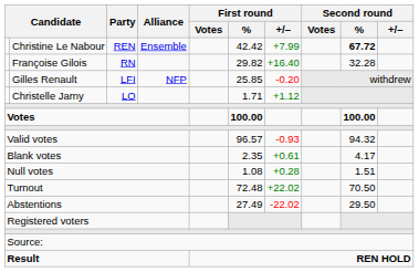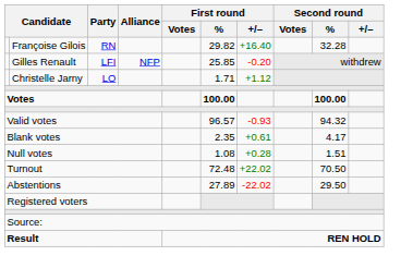 <table class="wikitable" style="text-align:right;font-size:95%;">
 <tr>
 <th rowspan="2" colspan="2">Candidate</th>
 <th colspan="1" rowspan="2">Party</th>
 <th colspan="1" rowspan="2">Alliance</th>
 <th colspan="3">First round</th>
 <th colspan="3">Second round</th>
 </tr>
 <tr>
 <th style="width:50px;">Votes</th>
 <th style="width:45px;">%</th>
 <th style="width:45px;">+/–</th>
 <th style="width:50px;">Votes</th>
 <th style="width:45px;">%</th>
 <th style="width:45px;">+/–</th>
-</tr>
-<tr>
-<td style="color:inherit;background:"></td>
-<td style="text-align:left;">Christine Le Nabour</td>
-<td><a href='#'>REN</a></td>
-<td><a href='#'>Ensemble</a></td>
-<td></td>
-<td>42.42</td>
-<td style="color:green;">+7.99</td>
-<td><strong></strong></td>
-<td><strong>67.72</strong></td>
-<td style="color:grey;"></td>
 </tr>
 <tr>
 <td style="color:inherit;background:"></td>
 <td style="text-align:left;">Françoise Gilois</td>
 <td><a href='#'>RN</a></td>
 <td></td>
 <td></td>
 <td>29.82</td>
 <td style="color:green;">+16.40</td>
 <td></td>
 <td>32.28</td>
 <td style="color:grey;"></td>
 </tr>
 <tr>
 <td style="color:inherit;background:"></td>
 <td style="text-align:left;">Gilles Renault</td>
 <td><a href='#'>LFI</a></td>
 <td><a href='#'>NFP</a></td>
 <td></td>
 <td>25.85</td>
 <td style="color:red;">-0.20</td>
 <td colspan="3" style="background:#E9E9E9;">withdrew</td>
 </tr>
 <tr>
 <td style="color:inherit;background:"></td>
 <td style="text-align:left;">Christelle Jarny</td>
 <td><a href='#'>LO</a></td>
 <td></td>
 <td></td>
 <td>1.71</td>
 <td style="color:green;">+1.12</td>
 <td colspan="3" style="background:#E9E9E9;"></td>
 </tr>
 <tr>
 <td colspan="10" style="background:#E9E9E9;"></td>
 </tr>
 <tr style="font-weight:bold;">
 <td colspan="4" style="text-align:left;">Votes</td>
 <td></td>
 <td>100.00</td>
 <td></td>
 <td></td>
 <td>100.00</td>
 <td></td>
 </tr>
 <tr>
 <td colspan="10" style="background:#E9E9E9;"></td>
 </tr>
 <tr>
 <td colspan="4" style="text-align:left;">Valid votes</td>
 <td></td>
 <td>96.57</td>
 <td style="color:red;">-0.93</td>
 <td></td>
 <td>94.32</td>
 <td style="color:grey;"></td>
 </tr>
 <tr>
 <td colspan="4" style="text-align:left;">Blank votes</td>
 <td></td>
 <td>2.35</td>
 <td style="color:green;">+0.61</td>
 <td></td>
 <td>4.17</td>
 <td style="color:grey;"></td>
 </tr>
 <tr>
 <td colspan="4" style="text-align:left;">Null votes</td>
 <td></td>
 <td>1.08</td>
 <td style="color:green;">+0.28</td>
 <td></td>
 <td>1.51</td>
 <td style="color:grey;"></td>
 </tr>
 <tr>
 <td colspan="4" style="text-align:left;">Turnout</td>
 <td></td>
 <td>72.48</td>
 <td style="color:green;">+22.02</td>
 <td></td>
 <td>70.50</td>
 <td style="color:grey;"></td>
 </tr>
 <tr>
 <td colspan="4" style="text-align:left;">Abstentions</td>
 <td></td>
-<td>27.49</td>
+<td>27.89</td>
 <td style="color:red;">-22.02</td>
 <td></td>
 <td>29.50</td>
 <td style="color:grey;"></td>
 </tr>
 <tr>
 <td colspan="4" style="text-align:left;">Registered voters</td>
 <td></td>
 <td colspan="2" style="background:#E9E9E9;"></td>
 <td></td>
 <td colspan="2" style="background:#E9E9E9;"></td>
 </tr>
 <tr>
 <td colspan="10" style="background:#E9E9E9;"></td>
 </tr>
 <tr>
 <td colspan="10" style="text-align:left;">Source: </td>
 </tr>
 <tr style="font-weight:bold">
 <td colspan="4" style="text-align:left;">Result</td>
 <td colspan="6" style="background-color:">REN HOLD</td>
 </tr>
 </table>
